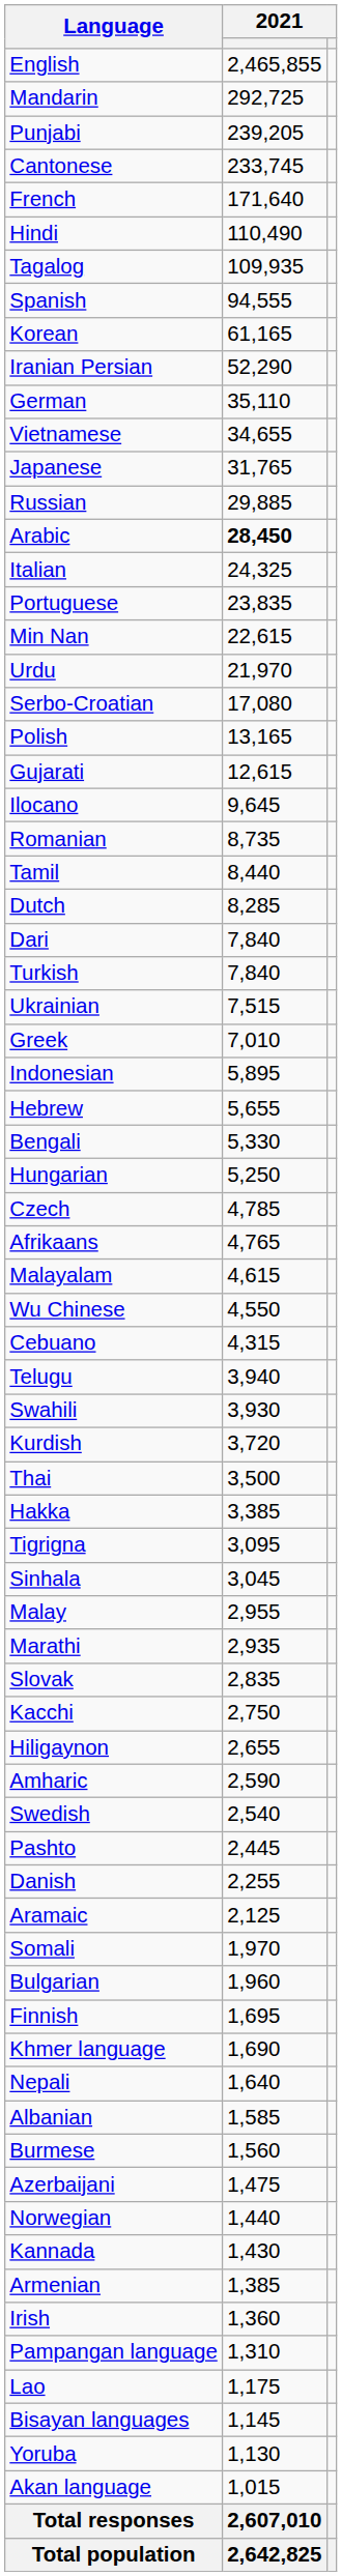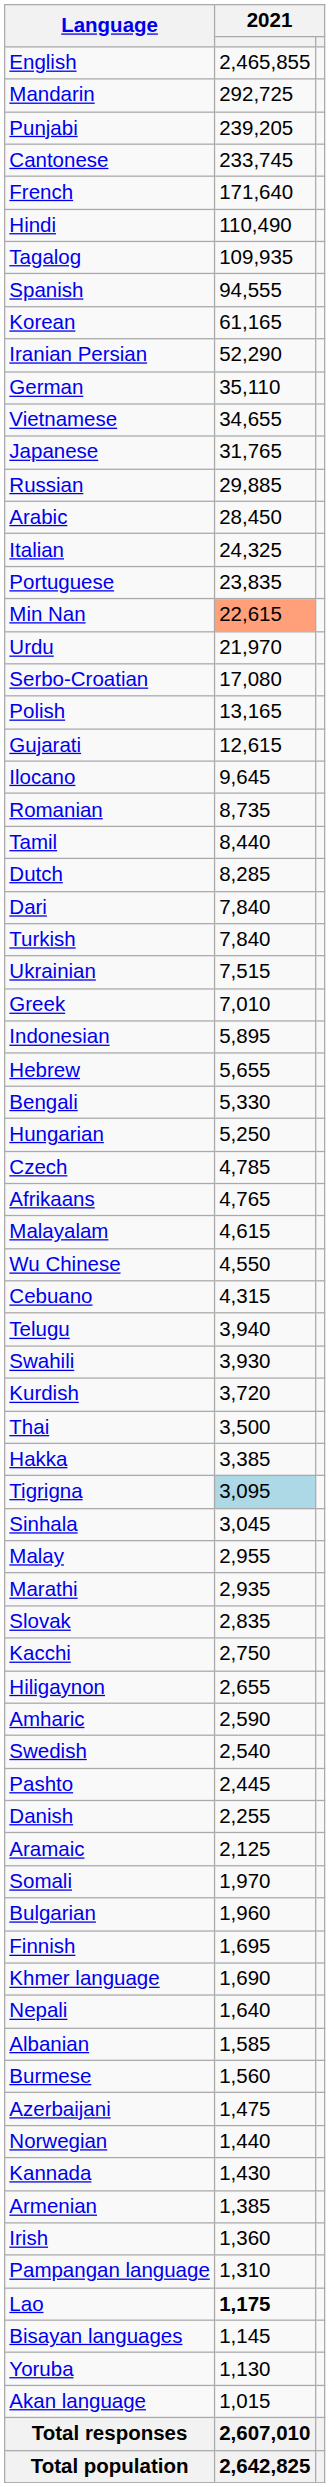 <table class="wikitable sortable">
 <tr>
 <th rowspan="2"><a href='#'>Language</a></th>
 <th colspan="2">2021</th>
 </tr>
 <tr>
 <th><a href='#'></a></th>
 <th></th>
 </tr>
 <tr>
 <td><a href='#'>English</a></td>
 <td>2,465,855</td>
 <td></td>
 </tr>
 <tr>
 <td><a href='#'>Mandarin</a></td>
 <td>292,725</td>
 <td></td>
 </tr>
 <tr>
 <td><a href='#'>Punjabi</a></td>
 <td>239,205</td>
 <td></td>
 </tr>
 <tr>
 <td><a href='#'>Cantonese</a></td>
 <td>233,745</td>
 <td></td>
 </tr>
 <tr>
 <td><a href='#'>French</a></td>
 <td>171,640</td>
 <td></td>
 </tr>
 <tr>
 <td><a href='#'>Hindi</a></td>
 <td>110,490</td>
 <td></td>
 </tr>
 <tr>
 <td><a href='#'>Tagalog</a></td>
 <td>109,935</td>
 <td></td>
 </tr>
 <tr>
 <td><a href='#'>Spanish</a></td>
 <td>94,555</td>
 <td></td>
 </tr>
 <tr>
 <td><a href='#'>Korean</a></td>
 <td>61,165</td>
 <td></td>
 </tr>
 <tr>
 <td><a href='#'>Iranian Persian</a></td>
 <td>52,290</td>
 <td></td>
 </tr>
 <tr>
 <td><a href='#'>German</a></td>
 <td>35,110</td>
 <td></td>
 </tr>
 <tr>
 <td><a href='#'>Vietnamese</a></td>
 <td>34,655</td>
 <td></td>
 </tr>
 <tr>
 <td><a href='#'>Japanese</a></td>
 <td>31,765</td>
 <td></td>
 </tr>
 <tr>
 <td><a href='#'>Russian</a></td>
 <td>29,885</td>
 <td></td>
 </tr>
 <tr>
 <td><a href='#'>Arabic</a></td>
-<td><strong>28,450</strong></td>
+<td>28,450</td>
 <td></td>
 </tr>
 <tr>
 <td><a href='#'>Italian</a></td>
 <td>24,325</td>
 <td></td>
 </tr>
 <tr>
 <td><a href='#'>Portuguese</a></td>
 <td>23,835</td>
 <td></td>
 </tr>
 <tr>
 <td><a href='#'>Min Nan</a></td>
-<td>22,615</td>
+<td style="background: lightsalmon;">22,615</td>
 <td></td>
 </tr>
 <tr>
 <td><a href='#'>Urdu</a></td>
 <td>21,970</td>
 <td></td>
 </tr>
 <tr>
 <td><a href='#'>Serbo-Croatian</a></td>
 <td>17,080</td>
 <td></td>
 </tr>
 <tr>
 <td><a href='#'>Polish</a></td>
 <td>13,165</td>
 <td></td>
 </tr>
 <tr>
 <td><a href='#'>Gujarati</a></td>
 <td>12,615</td>
 <td></td>
 </tr>
 <tr>
 <td><a href='#'>Ilocano</a></td>
 <td>9,645</td>
 <td></td>
 </tr>
 <tr>
 <td><a href='#'>Romanian</a></td>
 <td>8,735</td>
 <td></td>
 </tr>
 <tr>
 <td><a href='#'>Tamil</a></td>
 <td>8,440</td>
 <td></td>
 </tr>
 <tr>
 <td><a href='#'>Dutch</a></td>
 <td>8,285</td>
 <td></td>
 </tr>
 <tr>
 <td><a href='#'>Dari</a></td>
 <td>7,840</td>
 <td></td>
 </tr>
 <tr>
 <td><a href='#'>Turkish</a></td>
 <td>7,840</td>
 <td></td>
 </tr>
 <tr>
 <td><a href='#'>Ukrainian</a></td>
 <td>7,515</td>
 <td></td>
 </tr>
 <tr>
 <td><a href='#'>Greek</a></td>
 <td>7,010</td>
 <td></td>
 </tr>
 <tr>
 <td><a href='#'>Indonesian</a></td>
 <td>5,895</td>
 <td></td>
 </tr>
 <tr>
 <td><a href='#'>Hebrew</a></td>
 <td>5,655</td>
 <td></td>
 </tr>
 <tr>
 <td><a href='#'>Bengali</a></td>
 <td>5,330</td>
 <td></td>
 </tr>
 <tr>
 <td><a href='#'>Hungarian</a></td>
 <td>5,250</td>
 <td></td>
 </tr>
 <tr>
 <td><a href='#'>Czech</a></td>
 <td>4,785</td>
 <td></td>
 </tr>
 <tr>
 <td><a href='#'>Afrikaans</a></td>
 <td>4,765</td>
 <td></td>
 </tr>
 <tr>
 <td><a href='#'>Malayalam</a></td>
 <td>4,615</td>
 <td></td>
 </tr>
 <tr>
 <td><a href='#'>Wu Chinese</a></td>
 <td>4,550</td>
 <td></td>
 </tr>
 <tr>
 <td><a href='#'>Cebuano</a></td>
 <td>4,315</td>
 <td></td>
 </tr>
 <tr>
 <td><a href='#'>Telugu</a></td>
 <td>3,940</td>
 <td></td>
 </tr>
 <tr>
 <td><a href='#'>Swahili</a></td>
 <td>3,930</td>
 <td></td>
 </tr>
 <tr>
 <td><a href='#'>Kurdish</a></td>
 <td>3,720</td>
 <td></td>
 </tr>
 <tr>
 <td><a href='#'>Thai</a></td>
 <td>3,500</td>
 <td></td>
 </tr>
 <tr>
 <td><a href='#'>Hakka</a></td>
 <td>3,385</td>
 <td></td>
 </tr>
 <tr>
 <td><a href='#'>Tigrigna</a></td>
-<td>3,095</td>
+<td style="background: lightblue;">3,095</td>
 <td></td>
 </tr>
 <tr>
 <td><a href='#'>Sinhala</a></td>
 <td>3,045</td>
 <td></td>
 </tr>
 <tr>
 <td><a href='#'>Malay</a></td>
 <td>2,955</td>
 <td></td>
 </tr>
 <tr>
 <td><a href='#'>Marathi</a></td>
 <td>2,935</td>
 <td></td>
 </tr>
 <tr>
 <td><a href='#'>Slovak</a></td>
 <td>2,835</td>
 <td></td>
 </tr>
 <tr>
 <td><a href='#'>Kacchi</a></td>
 <td>2,750</td>
 <td></td>
 </tr>
 <tr>
 <td><a href='#'>Hiligaynon</a></td>
 <td>2,655</td>
 <td></td>
 </tr>
 <tr>
 <td><a href='#'>Amharic</a></td>
 <td>2,590</td>
 <td></td>
 </tr>
 <tr>
 <td><a href='#'>Swedish</a></td>
 <td>2,540</td>
 <td></td>
 </tr>
 <tr>
 <td><a href='#'>Pashto</a></td>
 <td>2,445</td>
 <td></td>
 </tr>
 <tr>
 <td><a href='#'>Danish</a></td>
 <td>2,255</td>
 <td></td>
 </tr>
 <tr>
 <td><a href='#'>Aramaic</a></td>
 <td>2,125</td>
 <td></td>
 </tr>
 <tr>
 <td><a href='#'>Somali</a></td>
 <td>1,970</td>
 <td></td>
 </tr>
 <tr>
 <td><a href='#'>Bulgarian</a></td>
 <td>1,960</td>
 <td></td>
 </tr>
 <tr>
 <td><a href='#'>Finnish</a></td>
 <td>1,695</td>
 <td></td>
 </tr>
 <tr>
 <td><a href='#'>Khmer language</a></td>
 <td>1,690</td>
 <td></td>
 </tr>
 <tr>
 <td><a href='#'>Nepali</a></td>
 <td>1,640</td>
 <td></td>
 </tr>
 <tr>
 <td><a href='#'>Albanian</a></td>
 <td>1,585</td>
 <td></td>
 </tr>
 <tr>
 <td><a href='#'>Burmese</a></td>
 <td>1,560</td>
 <td></td>
 </tr>
 <tr>
 <td><a href='#'>Azerbaijani</a></td>
 <td>1,475</td>
 <td></td>
 </tr>
 <tr>
 <td><a href='#'>Norwegian</a></td>
 <td>1,440</td>
 <td></td>
 </tr>
 <tr>
 <td><a href='#'>Kannada</a></td>
 <td>1,430</td>
 <td></td>
 </tr>
 <tr>
 <td><a href='#'>Armenian</a></td>
 <td>1,385</td>
 <td></td>
 </tr>
 <tr>
 <td><a href='#'>Irish</a></td>
 <td>1,360</td>
 <td></td>
 </tr>
 <tr>
 <td><a href='#'>Pampangan language</a></td>
 <td>1,310</td>
 <td></td>
 </tr>
 <tr>
 <td><a href='#'>Lao</a></td>
-<td>1,175</td>
+<td><strong>1,175</strong></td>
 <td></td>
 </tr>
 <tr>
 <td><a href='#'>Bisayan languages</a></td>
 <td>1,145</td>
 <td></td>
 </tr>
 <tr>
 <td><a href='#'>Yoruba</a></td>
 <td>1,130</td>
 <td></td>
 </tr>
 <tr>
 <td><a href='#'>Akan language</a></td>
 <td>1,015</td>
 <td></td>
 </tr>
 <tr>
 <th>Total responses</th>
 <th>2,607,010</th>
 <th></th>
 </tr>
 <tr>
 <th>Total population</th>
 <th>2,642,825</th>
 <th></th>
 </tr>
 </table>
